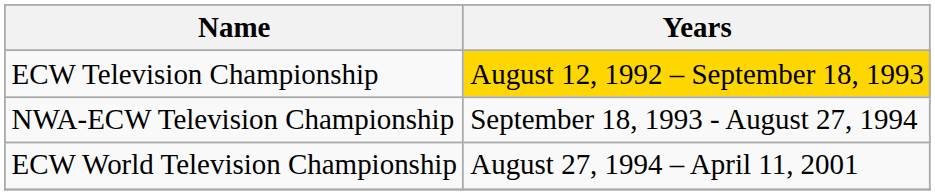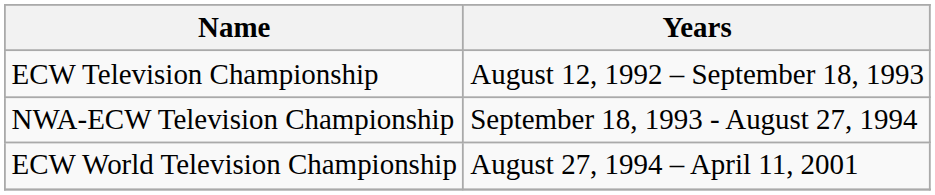 <table class="wikitable">
 <tr>
 <th>Name</th>
 <th>Years</th>
 </tr>
 <tr>
 <td>ECW Television Championship</td>
-<td style="background: gold;">August 12, 1992 – September 18, 1993</td>
+<td>August 12, 1992 – September 18, 1993</td>
 </tr>
 <tr>
 <td>NWA-ECW Television Championship</td>
 <td>September 18, 1993 - August 27, 1994</td>
 </tr>
 <tr>
 <td>ECW World Television Championship</td>
 <td>August 27, 1994 – April 11, 2001</td>
 </tr>
 <tr>
 </tr>
 </table>
